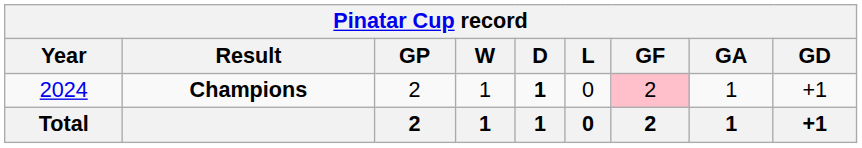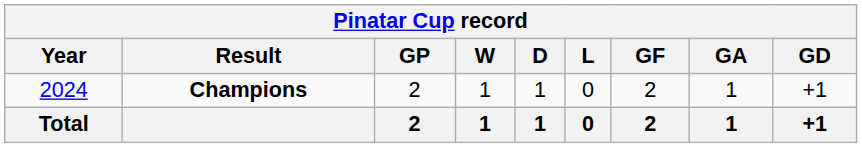 <table class="wikitable" style="text-align: center; width:50%;">
 <tr>
 <th colspan=9><a href='#'>Pinatar Cup</a> record</th>
 </tr>
 <tr>
 <th>Year</th>
 <th>Result</th>
 <th>GP</th>
 <th>W</th>
 <th>D</th>
 <th>L</th>
 <th>GF</th>
 <th>GA</th>
 <th>GD</th>
 </tr>
 <tr>
 <td><a href='#'>2024</a></td>
 <td><strong>Champions</strong></td>
 <td>2</td>
 <td>1</td>
-<td><strong>1</strong></td>
+<td>1</td>
 <td>0</td>
-<td style="background: pink;">2</td>
+<td>2</td>
 <td>1</td>
 <td>+1</td>
 </tr>
 <tr>
 <th>Total</th>
 <th></th>
 <th>2</th>
 <th>1</th>
 <th>1</th>
 <th>0</th>
 <th>2</th>
 <th>1</th>
 <th>+1</th>
 </tr>
 </table>
